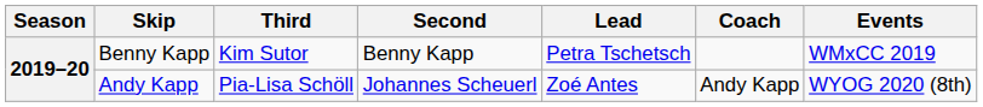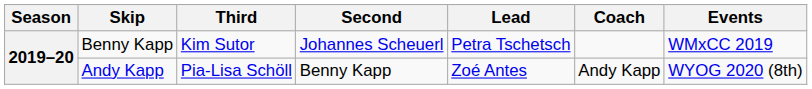 <table class="wikitable">
 <tr>
 <th scope="col">Season</th>
 <th scope="col">Skip</th>
 <th scope="col">Third</th>
 <th scope="col">Second</th>
 <th scope="col">Lead</th>
 <th scope="col">Coach</th>
 <th scope="col">Events</th>
 </tr>
 <tr>
 <th scope="row" rowspan=2>2019–20</th>
 <td>Benny Kapp</td>
 <td><a href='#'>Kim Sutor</a></td>
-<td>Benny Kapp</td>
+<td><a href='#'>Johannes Scheuerl</a></td>
 <td><a href='#'>Petra Tschetsch</a></td>
 <td></td>
 <td><a href='#'>WMxCC 2019</a> </td>
 </tr>
 <tr>
 <td><a href='#'>Andy Kapp</a></td>
 <td><a href='#'>Pia-Lisa Schöll</a></td>
-<td><a href='#'>Johannes Scheuerl</a></td>
+<td>Benny Kapp</td>
 <td><a href='#'>Zoé Antes</a></td>
 <td>Andy Kapp</td>
 <td><a href='#'>WYOG 2020</a> (8th)</td>
 </tr>
 </table>
